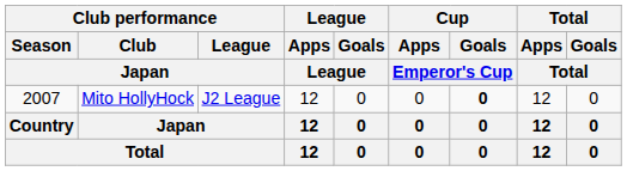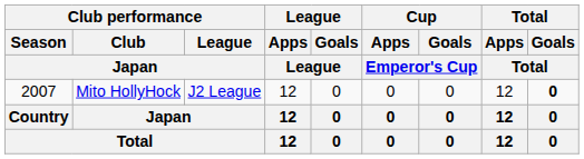 <table class="wikitable" style="text-align:center;">
 <tr>
 <th colspan=3>Club performance</th>
 <th colspan=2>League</th>
 <th colspan=2>Cup</th>
 <th colspan=2>Total</th>
 </tr>
 <tr>
 <th>Season</th>
 <th>Club</th>
 <th>League</th>
 <th>Apps</th>
 <th>Goals</th>
 <th>Apps</th>
 <th>Goals</th>
 <th>Apps</th>
 <th>Goals</th>
 </tr>
 <tr>
 <th colspan=3>Japan</th>
 <th colspan=2>League</th>
 <th colspan=2><a href='#'>Emperor's Cup</a></th>
 <th colspan=2>Total</th>
 </tr>
 <tr>
 <td>2007</td>
 <td><a href='#'>Mito HollyHock</a></td>
 <td><a href='#'>J2 League</a></td>
 <td>12</td>
 <td>0</td>
 <td>0</td>
+<td>0</td>
+<td>12</td>
 <td><strong>0</strong></td>
-<td>12</td>
-<td>0</td>
 </tr>
 <tr>
 <th rowspan=1>Country</th>
 <th colspan=2>Japan</th>
 <th>12</th>
 <th>0</th>
 <th>0</th>
 <th>0</th>
 <th>12</th>
 <th>0</th>
 </tr>
 <tr>
 <th colspan=3>Total</th>
 <th>12</th>
 <th>0</th>
 <th>0</th>
 <th>0</th>
 <th>12</th>
 <th>0</th>
 </tr>
 </table>
